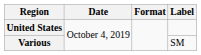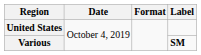 <table class="wikitable plainrowheaders">
 <tr>
 <th>Region</th>
 <th>Date</th>
 <th>Format</th>
 <th>Label</th>
 </tr>
 <tr>
 <th scope="row">United States</th>
 <td rowspan="2">October 4, 2019</td>
 <td rowspan="2"></td>
 <td></td>
 </tr>
 <tr>
 <th scope="row">Various</th>
-<td>SM</td>
+<td><strong>SM</strong></td>
 </tr>
 </table>
